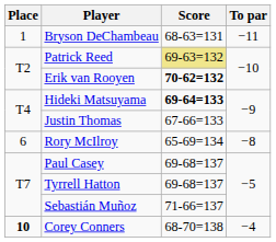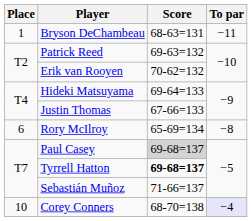 <table class="wikitable">
 <tr>
 <th>Place</th>
 <th>Player</th>
 <th>Score</th>
 <th>To par</th>
 </tr>
 <tr>
 <td align=center>1</td>
 <td> <a href='#'>Bryson DeChambeau</a></td>
 <td>68-63=131</td>
 <td align=center>−11</td>
 </tr>
 <tr>
 <td rowspan=2 align=center>T2</td>
 <td> <a href='#'>Patrick Reed</a></td>
-<td style="background: khaki;">69-63=132</td>
+<td>69-63=132</td>
 <td rowspan=2 align=center>−10</td>
 </tr>
 <tr>
 <td> <a href='#'>Erik van Rooyen</a></td>
-<td><strong>70-62=132</strong></td>
+<td>70-62=132</td>
 </tr>
 <tr>
 <td rowspan=2 align=center>T4</td>
 <td> <a href='#'>Hideki Matsuyama</a></td>
-<td><strong>69-64=133</strong></td>
+<td>69-64=133</td>
 <td rowspan=2 align=center>−9</td>
 </tr>
 <tr>
 <td> <a href='#'>Justin Thomas</a></td>
 <td>67-66=133</td>
 </tr>
 <tr>
 <td align=center>6</td>
 <td> <a href='#'>Rory McIlroy</a></td>
 <td align=center>65-69=134</td>
 <td align=center>−8</td>
 </tr>
 <tr>
 <td rowspan=3 align=center>T7</td>
 <td> <a href='#'>Paul Casey</a></td>
-<td>69-68=137</td>
+<td style="background: lightgrey;">69-68=137</td>
 <td rowspan=3 align=center>−5</td>
 </tr>
 <tr>
 <td> <a href='#'>Tyrrell Hatton</a></td>
-<td>69-68=137</td>
+<td><strong>69-68=137</strong></td>
 </tr>
 <tr>
 <td> <a href='#'>Sebastián Muñoz</a></td>
 <td>71-66=137</td>
 </tr>
 <tr>
-<td align=center><strong>10</strong></td>
+<td align=center>10</td>
 <td> <a href='#'>Corey Conners</a></td>
 <td>68-70=138</td>
-<td align=center>−4</td>
+<td align=center style="background: lavender;">−4</td>
 </tr>
 </table>
